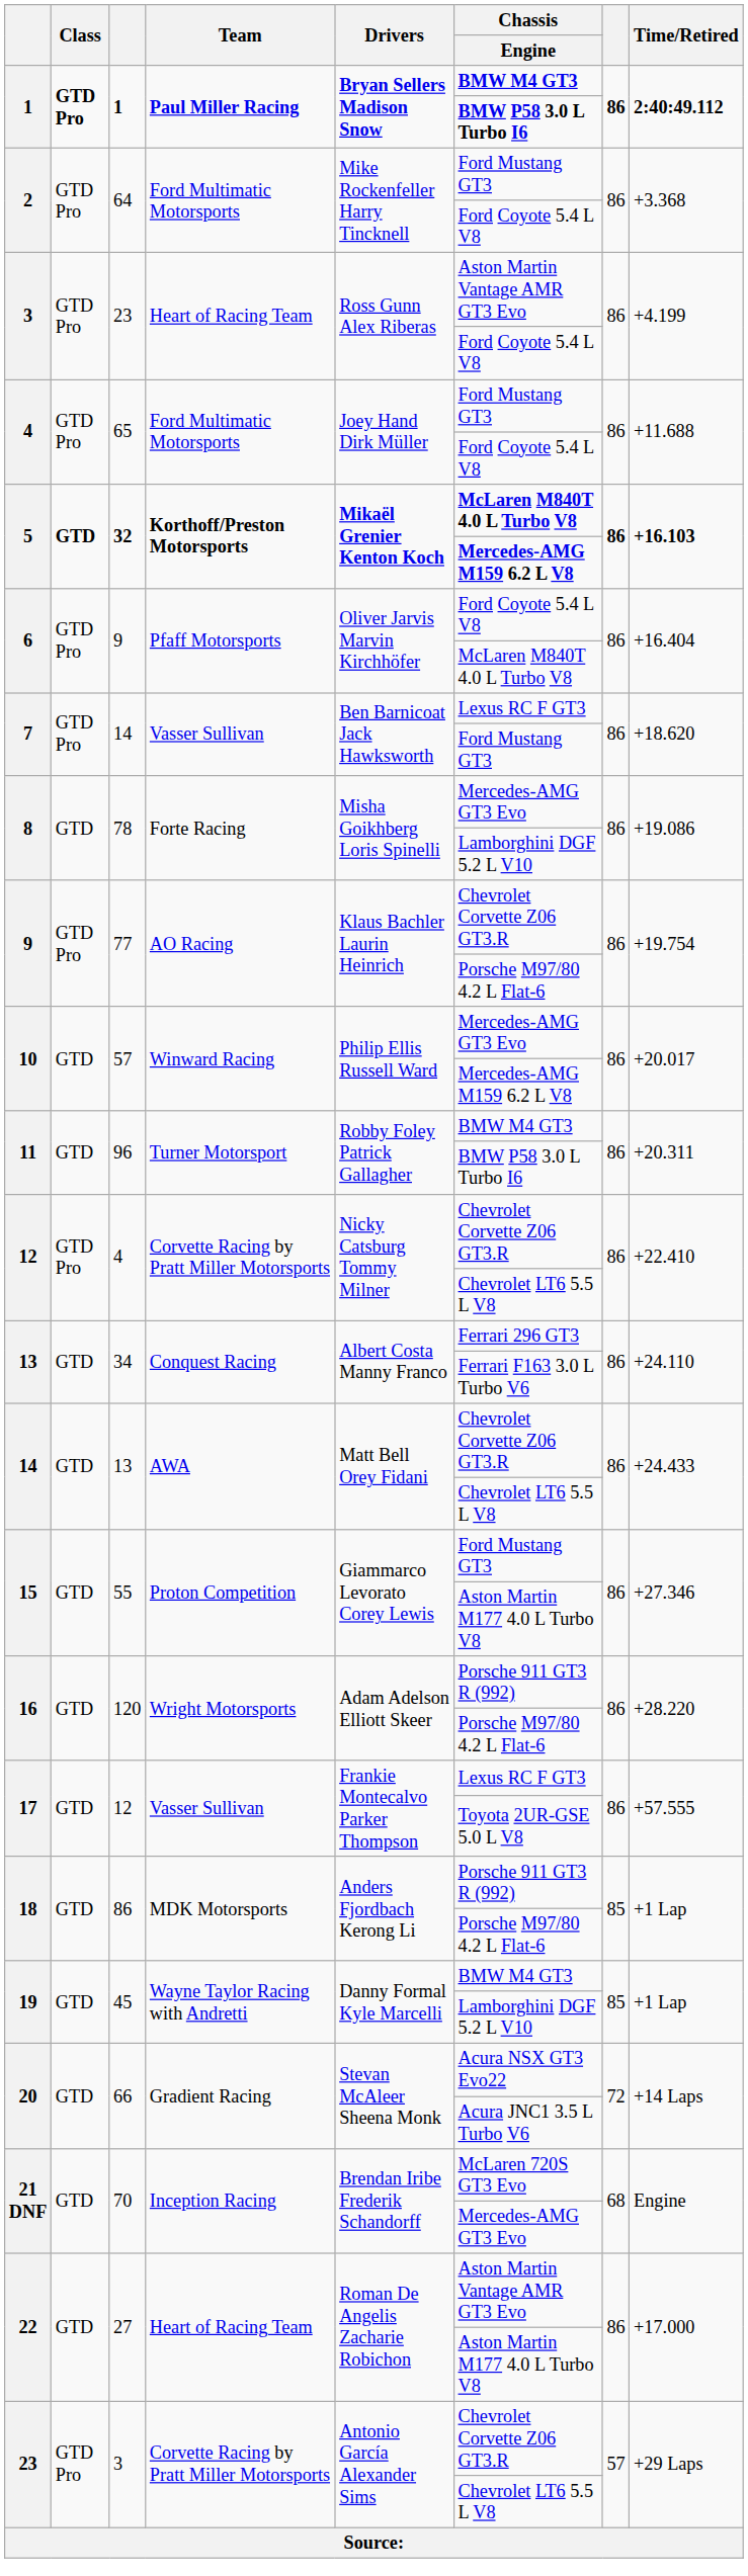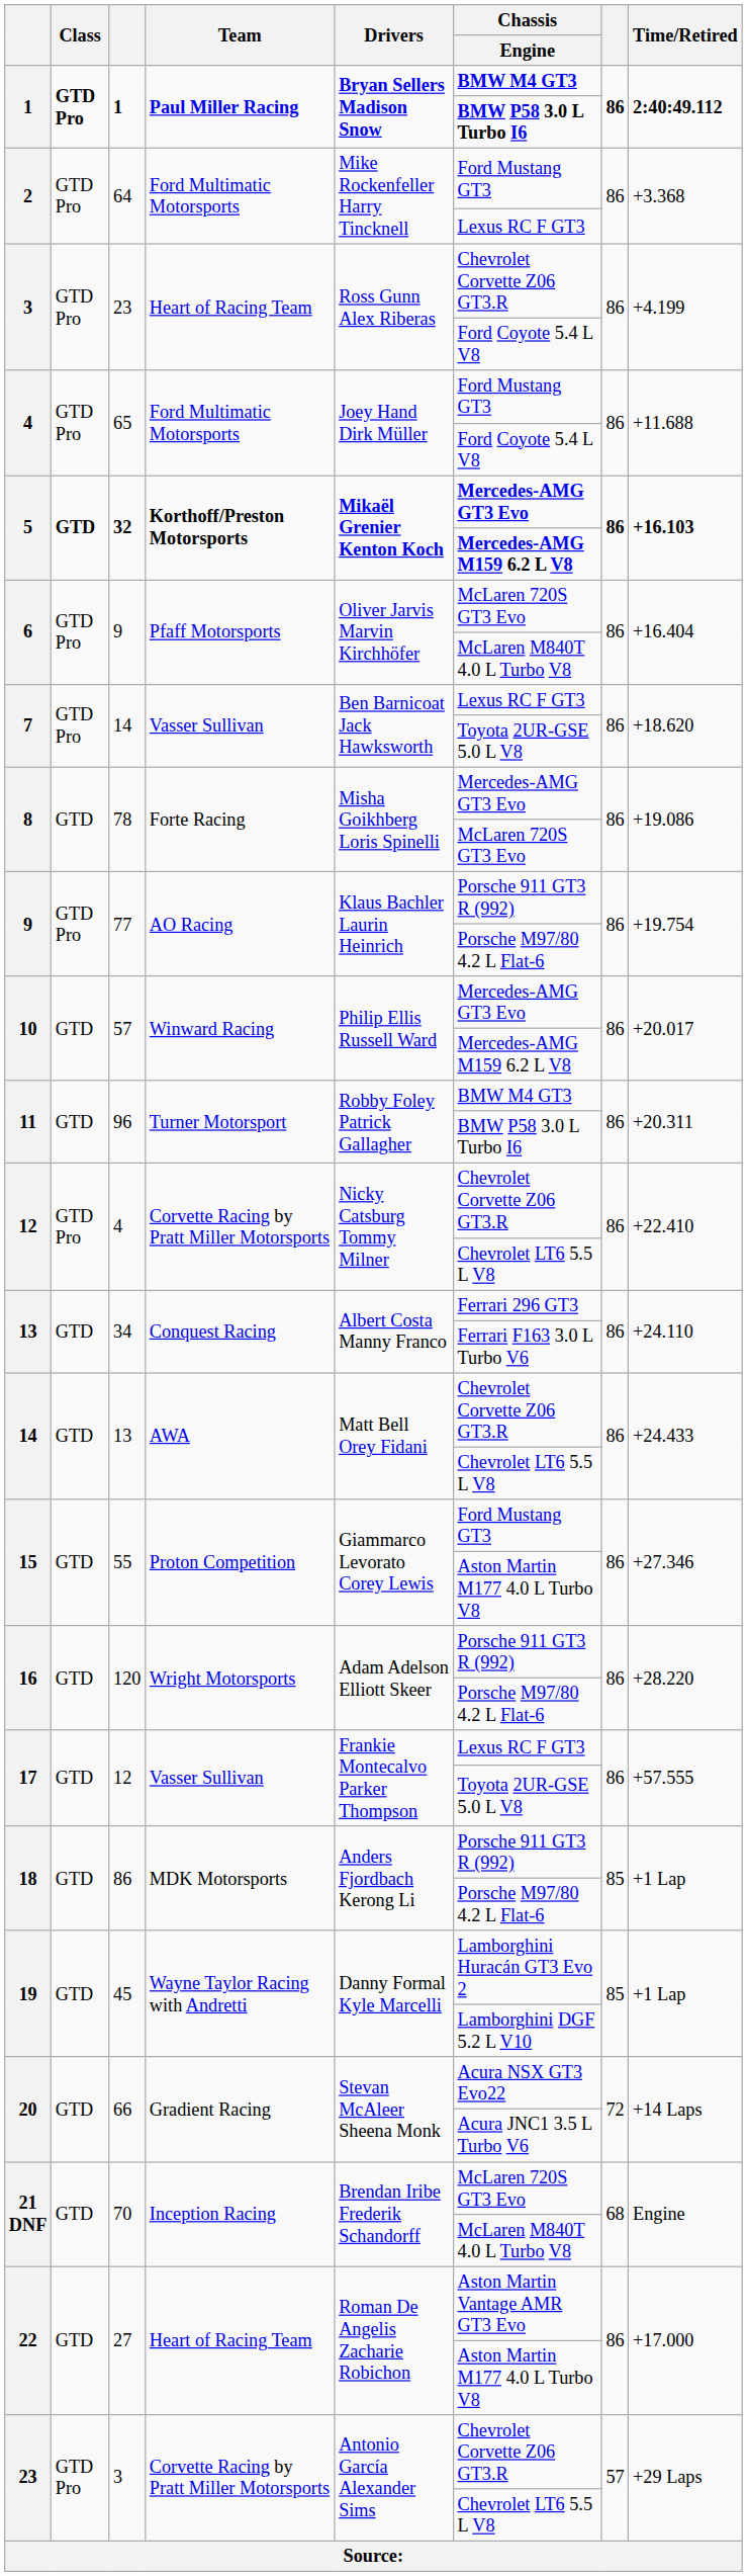 <table class="wikitable" style="font-size:95%;">
 <tr>
 <th rowspan=2></th>
 <th rowspan=2>Class</th>
 <th rowspan=2></th>
 <th rowspan=2>Team</th>
 <th rowspan=2>Drivers</th>
 <th>Chassis</th>
 <th rowspan=2></th>
 <th rowspan=2>Time/Retired</th>
 </tr>
 <tr>
 <th>Engine</th>
 </tr>
 <tr style="font-weight:bold;">
 <th rowspan=2>1</th>
 <td rowspan=2>GTD Pro</td>
 <td rowspan=2>1</td>
 <td rowspan=2> <a href='#'>Paul Miller Racing</a></td>
 <td rowspan=2> <a href='#'>Bryan Sellers</a><br> <a href='#'>Madison Snow</a></td>
 <td><a href='#'>BMW M4 GT3</a></td>
 <td rowspan=2>86</td>
 <td rowspan=2>2:40:49.112</td>
 </tr>
 <tr style="font-weight:bold;">
 <td><a href='#'>BMW</a> <a href='#'>P58</a> 3.0 L Turbo <a href='#'>I6</a></td>
 </tr>
 <tr>
 <th rowspan=2>2</th>
 <td rowspan=2>GTD Pro</td>
 <td rowspan=2>64</td>
 <td rowspan=2> <a href='#'>Ford Multimatic Motorsports</a></td>
 <td rowspan=2> <a href='#'>Mike Rockenfeller</a><br> <a href='#'>Harry Tincknell</a></td>
 <td><a href='#'>Ford Mustang GT3</a></td>
 <td rowspan=2>86</td>
 <td rowspan=2>+3.368</td>
 </tr>
 <tr>
-<td><a href='#'>Ford</a> <a href='#'>Coyote</a> 5.4 L <a href='#'>V8</a></td>
+<td><a href='#'>Lexus RC F GT3</a></td>
 </tr>
 <tr>
 <th rowspan=2>3</th>
 <td rowspan=2>GTD Pro</td>
 <td rowspan=2>23</td>
 <td rowspan=2> <a href='#'>Heart of Racing Team</a></td>
 <td rowspan=2> <a href='#'>Ross Gunn</a><br> <a href='#'>Alex Riberas</a></td>
-<td><a href='#'>Aston Martin Vantage AMR GT3 Evo</a></td>
+<td><a href='#'>Chevrolet Corvette Z06 GT3.R</a></td>
 <td rowspan=2>86</td>
 <td rowspan=2>+4.199</td>
 </tr>
 <tr>
 <td><a href='#'>Ford</a> <a href='#'>Coyote</a> 5.4 L <a href='#'>V8</a></td>
 </tr>
 <tr>
 <th rowspan=2>4</th>
 <td rowspan=2>GTD Pro</td>
 <td rowspan=2>65</td>
 <td rowspan=2> <a href='#'>Ford Multimatic Motorsports</a></td>
 <td rowspan=2> <a href='#'>Joey Hand</a><br> <a href='#'>Dirk Müller</a></td>
 <td><a href='#'>Ford Mustang GT3</a></td>
 <td rowspan=2>86</td>
 <td rowspan=2>+11.688</td>
 </tr>
 <tr>
 <td><a href='#'>Ford</a> <a href='#'>Coyote</a> 5.4 L <a href='#'>V8</a></td>
 </tr>
 <tr style="font-weight:bold;">
 <th rowspan=2>5</th>
 <td rowspan=2>GTD</td>
 <td rowspan=2>32</td>
 <td rowspan=2> Korthoff/Preston Motorsports</td>
 <td rowspan=2> <a href='#'>Mikaël Grenier</a><br> <a href='#'>Kenton Koch</a></td>
-<td><a href='#'>McLaren</a> <a href='#'>M840T</a> 4.0 L <a href='#'>Turbo</a> <a href='#'>V8</a></td>
+<td><a href='#'>Mercedes-AMG GT3 Evo</a></td>
 <td rowspan=2>86</td>
 <td rowspan=2>+16.103</td>
 </tr>
 <tr style="font-weight:bold;">
 <td><a href='#'>Mercedes-AMG M159</a> 6.2 L <a href='#'>V8</a></td>
 </tr>
 <tr>
 <th rowspan=2>6</th>
 <td rowspan=2>GTD Pro</td>
 <td rowspan=2>9</td>
 <td rowspan=2> <a href='#'>Pfaff Motorsports</a></td>
 <td rowspan=2> <a href='#'>Oliver Jarvis</a><br> <a href='#'>Marvin Kirchhöfer</a></td>
-<td><a href='#'>Ford</a> <a href='#'>Coyote</a> 5.4 L <a href='#'>V8</a></td>
+<td><a href='#'>McLaren 720S GT3 Evo</a></td>
 <td rowspan=2>86</td>
 <td rowspan=2>+16.404</td>
 </tr>
 <tr>
 <td><a href='#'>McLaren</a> <a href='#'>M840T</a> 4.0 L <a href='#'>Turbo</a> <a href='#'>V8</a></td>
 </tr>
 <tr>
 <th rowspan=2>7</th>
 <td rowspan=2>GTD Pro</td>
 <td rowspan=2>14</td>
 <td rowspan=2> <a href='#'>Vasser Sullivan</a></td>
 <td rowspan=2> <a href='#'>Ben Barnicoat</a><br> <a href='#'>Jack Hawksworth</a></td>
 <td><a href='#'>Lexus RC F GT3</a></td>
 <td rowspan=2>86</td>
 <td rowspan=2>+18.620</td>
 </tr>
 <tr>
-<td><a href='#'>Ford Mustang GT3</a></td>
+<td><a href='#'>Toyota</a> <a href='#'>2UR-GSE</a> 5.0 L <a href='#'>V8</a></td>
 </tr>
 <tr>
 <th rowspan=2>8</th>
 <td rowspan=2>GTD</td>
 <td rowspan=2>78</td>
 <td rowspan=2> Forte Racing</td>
 <td rowspan=2> <a href='#'>Misha Goikhberg</a><br> <a href='#'>Loris Spinelli</a></td>
 <td><a href='#'>Mercedes-AMG GT3 Evo</a></td>
 <td rowspan=2>86</td>
 <td rowspan=2>+19.086</td>
 </tr>
 <tr>
-<td><a href='#'>Lamborghini</a> <a href='#'>DGF</a> 5.2 L <a href='#'>V10</a></td>
+<td><a href='#'>McLaren 720S GT3 Evo</a></td>
 </tr>
 <tr>
 <th rowspan=2>9</th>
 <td rowspan=2>GTD Pro</td>
 <td rowspan=2>77</td>
 <td rowspan=2> <a href='#'>AO Racing</a></td>
 <td rowspan=2> <a href='#'>Klaus Bachler</a><br> <a href='#'>Laurin Heinrich</a></td>
-<td><a href='#'>Chevrolet Corvette Z06 GT3.R</a></td>
+<td><a href='#'>Porsche 911 GT3 R (992)</a></td>
 <td rowspan=2>86</td>
 <td rowspan=2>+19.754</td>
 </tr>
 <tr>
 <td><a href='#'>Porsche</a> <a href='#'>M97/80</a> 4.2 L <a href='#'>Flat-6</a></td>
 </tr>
 <tr>
 <th rowspan=2>10</th>
 <td rowspan=2>GTD</td>
 <td rowspan=2>57</td>
 <td rowspan=2> <a href='#'>Winward Racing</a></td>
 <td rowspan=2> <a href='#'>Philip Ellis</a><br> <a href='#'>Russell Ward</a></td>
 <td><a href='#'>Mercedes-AMG GT3 Evo</a></td>
 <td rowspan=2>86</td>
 <td rowspan=2>+20.017</td>
 </tr>
 <tr>
 <td><a href='#'>Mercedes-AMG M159</a> 6.2 L <a href='#'>V8</a></td>
 </tr>
 <tr>
 <th rowspan=2>11</th>
 <td rowspan=2>GTD</td>
 <td rowspan=2>96</td>
 <td rowspan=2> <a href='#'>Turner Motorsport</a></td>
 <td rowspan=2> <a href='#'>Robby Foley</a><br> <a href='#'>Patrick Gallagher</a></td>
 <td><a href='#'>BMW M4 GT3</a></td>
 <td rowspan=2>86</td>
 <td rowspan=2>+20.311</td>
 </tr>
 <tr>
 <td><a href='#'>BMW</a> <a href='#'>P58</a> 3.0 L Turbo <a href='#'>I6</a></td>
 </tr>
 <tr>
 <th rowspan=2>12</th>
 <td rowspan=2>GTD Pro</td>
 <td rowspan=2>4</td>
 <td rowspan=2> <a href='#'>Corvette Racing</a> by <a href='#'>Pratt Miller Motorsports</a></td>
 <td rowspan=2> <a href='#'>Nicky Catsburg</a><br> <a href='#'>Tommy Milner</a></td>
 <td><a href='#'>Chevrolet Corvette Z06 GT3.R</a></td>
 <td rowspan=2>86</td>
 <td rowspan=2>+22.410</td>
 </tr>
 <tr>
 <td><a href='#'>Chevrolet</a> <a href='#'>LT6</a> 5.5 L <a href='#'>V8</a></td>
 </tr>
 <tr>
 <th rowspan=2>13</th>
 <td rowspan=2>GTD</td>
 <td rowspan=2>34</td>
 <td rowspan=2> <a href='#'>Conquest Racing</a></td>
 <td rowspan=2> <a href='#'>Albert Costa</a><br> Manny Franco</td>
 <td><a href='#'>Ferrari 296 GT3</a></td>
 <td rowspan=2>86</td>
 <td rowspan=2>+24.110</td>
 </tr>
 <tr>
 <td><a href='#'>Ferrari</a> <a href='#'>F163</a> 3.0 L Turbo <a href='#'>V6</a></td>
 </tr>
 <tr>
 <th rowspan=2>14</th>
 <td rowspan=2>GTD</td>
 <td rowspan=2>13</td>
 <td rowspan=2> <a href='#'>AWA</a></td>
 <td rowspan=2> Matt Bell<br> <a href='#'>Orey Fidani</a></td>
 <td><a href='#'>Chevrolet Corvette Z06 GT3.R</a></td>
 <td rowspan=2>86</td>
 <td rowspan=2>+24.433</td>
 </tr>
 <tr>
 <td><a href='#'>Chevrolet</a> <a href='#'>LT6</a> 5.5 L <a href='#'>V8</a></td>
 </tr>
 <tr>
 <th rowspan=2>15</th>
 <td rowspan=2>GTD</td>
 <td rowspan=2>55</td>
 <td rowspan=2> <a href='#'>Proton Competition</a></td>
 <td rowspan=2> Giammarco Levorato<br> <a href='#'>Corey Lewis</a></td>
 <td><a href='#'>Ford Mustang GT3</a></td>
 <td rowspan=2>86</td>
 <td rowspan=2>+27.346</td>
 </tr>
 <tr>
 <td><a href='#'>Aston Martin</a> <a href='#'>M177</a> 4.0 L Turbo <a href='#'>V8</a></td>
 </tr>
 <tr>
 <th rowspan=2>16</th>
 <td rowspan=2>GTD</td>
 <td rowspan=2>120</td>
 <td rowspan=2> <a href='#'>Wright Motorsports</a></td>
 <td rowspan=2> Adam Adelson<br> Elliott Skeer</td>
 <td><a href='#'>Porsche 911 GT3 R (992)</a></td>
 <td rowspan=2>86</td>
 <td rowspan=2>+28.220</td>
 </tr>
 <tr>
 <td><a href='#'>Porsche</a> <a href='#'>M97/80</a> 4.2 L <a href='#'>Flat-6</a></td>
 </tr>
 <tr>
 <th rowspan=2>17</th>
 <td rowspan=2>GTD</td>
 <td rowspan=2>12</td>
 <td rowspan=2> <a href='#'>Vasser Sullivan</a></td>
 <td rowspan=2> <a href='#'>Frankie Montecalvo</a><br> <a href='#'>Parker Thompson</a></td>
 <td><a href='#'>Lexus RC F GT3</a></td>
 <td rowspan=2>86</td>
 <td rowspan=2>+57.555</td>
 </tr>
 <tr>
 <td><a href='#'>Toyota</a> <a href='#'>2UR-GSE</a> 5.0 L <a href='#'>V8</a></td>
 </tr>
 <tr>
 <th rowspan=2>18</th>
 <td rowspan=2>GTD</td>
 <td rowspan=2>86</td>
 <td rowspan=2> MDK Motorsports</td>
 <td rowspan=2> <a href='#'>Anders Fjordbach</a><br> Kerong Li</td>
 <td><a href='#'>Porsche 911 GT3 R (992)</a></td>
 <td rowspan=2>85</td>
 <td rowspan=2>+1 Lap</td>
 </tr>
 <tr>
 <td><a href='#'>Porsche</a> <a href='#'>M97/80</a> 4.2 L <a href='#'>Flat-6</a></td>
 </tr>
 <tr>
 <th rowspan=2>19</th>
 <td rowspan=2>GTD</td>
 <td rowspan=2>45</td>
 <td rowspan=2> <a href='#'>Wayne Taylor Racing</a> with <a href='#'>Andretti</a></td>
 <td rowspan=2> Danny Formal<br> <a href='#'>Kyle Marcelli</a></td>
-<td><a href='#'>BMW M4 GT3</a></td>
+<td><a href='#'>Lamborghini Huracán GT3 Evo 2</a></td>
 <td rowspan=2>85</td>
 <td rowspan=2>+1 Lap</td>
 </tr>
 <tr>
 <td><a href='#'>Lamborghini</a> <a href='#'>DGF</a> 5.2 L <a href='#'>V10</a></td>
 </tr>
 <tr>
 <th rowspan=2>20</th>
 <td rowspan=2>GTD</td>
 <td rowspan=2>66</td>
 <td rowspan=2> Gradient Racing</td>
 <td rowspan=2> <a href='#'>Stevan McAleer</a><br> Sheena Monk</td>
 <td><a href='#'>Acura NSX GT3 Evo22</a></td>
 <td rowspan=2>72</td>
 <td rowspan=2>+14 Laps</td>
 </tr>
 <tr>
 <td><a href='#'>Acura</a> JNC1 3.5 L <a href='#'>Turbo</a> <a href='#'>V6</a></td>
 </tr>
 <tr>
 <th rowspan=2>21<br>DNF</th>
 <td rowspan=2>GTD</td>
 <td rowspan=2>70</td>
 <td rowspan=2> <a href='#'>Inception Racing</a></td>
 <td rowspan=2> <a href='#'>Brendan Iribe</a><br> <a href='#'>Frederik Schandorff</a></td>
 <td><a href='#'>McLaren 720S GT3 Evo</a></td>
 <td rowspan=2>68</td>
 <td rowspan=2>Engine</td>
 </tr>
 <tr>
-<td><a href='#'>Mercedes-AMG GT3 Evo</a></td>
+<td><a href='#'>McLaren</a> <a href='#'>M840T</a> 4.0 L <a href='#'>Turbo</a> <a href='#'>V8</a></td>
 </tr>
 <tr>
 <th rowspan=2>22</th>
 <td rowspan=2>GTD</td>
 <td rowspan=2>27</td>
 <td rowspan=2> <a href='#'>Heart of Racing Team</a></td>
 <td rowspan=2> <a href='#'>Roman De Angelis</a><br> <a href='#'>Zacharie Robichon</a></td>
 <td><a href='#'>Aston Martin Vantage AMR GT3 Evo</a></td>
 <td rowspan=2>86</td>
 <td rowspan=2>+17.000</td>
 </tr>
 <tr>
 <td><a href='#'>Aston Martin</a> <a href='#'>M177</a> 4.0 L Turbo <a href='#'>V8</a></td>
 </tr>
 <tr>
 <th rowspan=2>23</th>
 <td rowspan=2>GTD Pro</td>
 <td rowspan=2>3</td>
 <td rowspan=2> <a href='#'>Corvette Racing</a> by <a href='#'>Pratt Miller Motorsports</a></td>
 <td rowspan=2> <a href='#'>Antonio García</a><br> <a href='#'>Alexander Sims</a></td>
 <td><a href='#'>Chevrolet Corvette Z06 GT3.R</a></td>
 <td rowspan=2>57</td>
 <td rowspan=2>+29 Laps</td>
 </tr>
 <tr>
 <td><a href='#'>Chevrolet</a> <a href='#'>LT6</a> 5.5 L <a href='#'>V8</a></td>
 </tr>
 <tr>
 <th colspan="8">Source:</th>
 </tr>
 </table>
